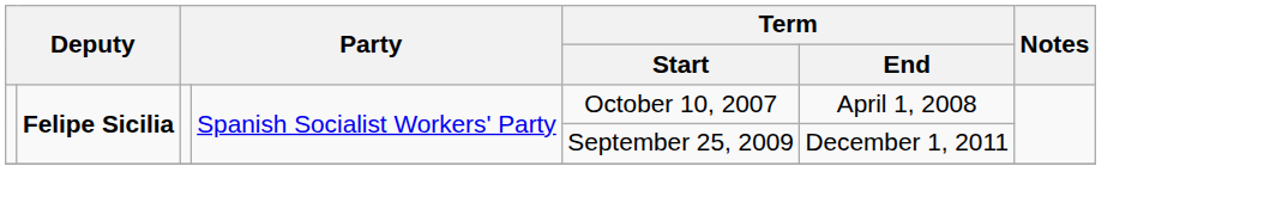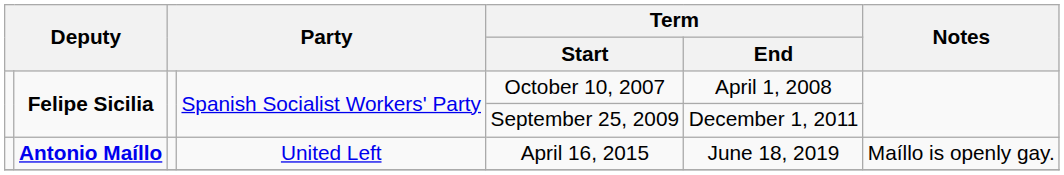 <table class="wikitable sortable" style="text-align:center">
 <tr>
 <th colspan="2" rowspan="2">Deputy</th>
 <th colspan="2" rowspan="2">Party</th>
 <th colspan="2">Term</th>
 <th rowspan="2">Notes</th>
 </tr>
 <tr>
 <th>Start</th>
 <th>End</th>
 </tr>
 <tr>
 <td rowspan="2"></td>
 <td rowspan="2"><strong>Felipe Sicilia</strong></td>
 <td rowspan="2" style="background-color:"></td>
 <td rowspan="2"><a href='#'>Spanish Socialist Workers' Party</a></td>
 <td>October 10, 2007</td>
 <td>April 1, 2008</td>
 <td rowspan="2"></td>
 </tr>
 <tr>
 <td>September 25, 2009</td>
 <td>December 1, 2011</td>
 </tr>
 <tr>
+<td></td>
+<td><strong><a href='#'>Antonio Maíllo</a></strong></td>
+<td style="background-color:"></td>
+<td><a href='#'>United Left</a></td>
+<td>April 16, 2015</td>
+<td>June 18, 2019</td>
+<td>Maíllo is openly gay.</td>
+</tr>
+<tr>
 </tr>
 </table>
